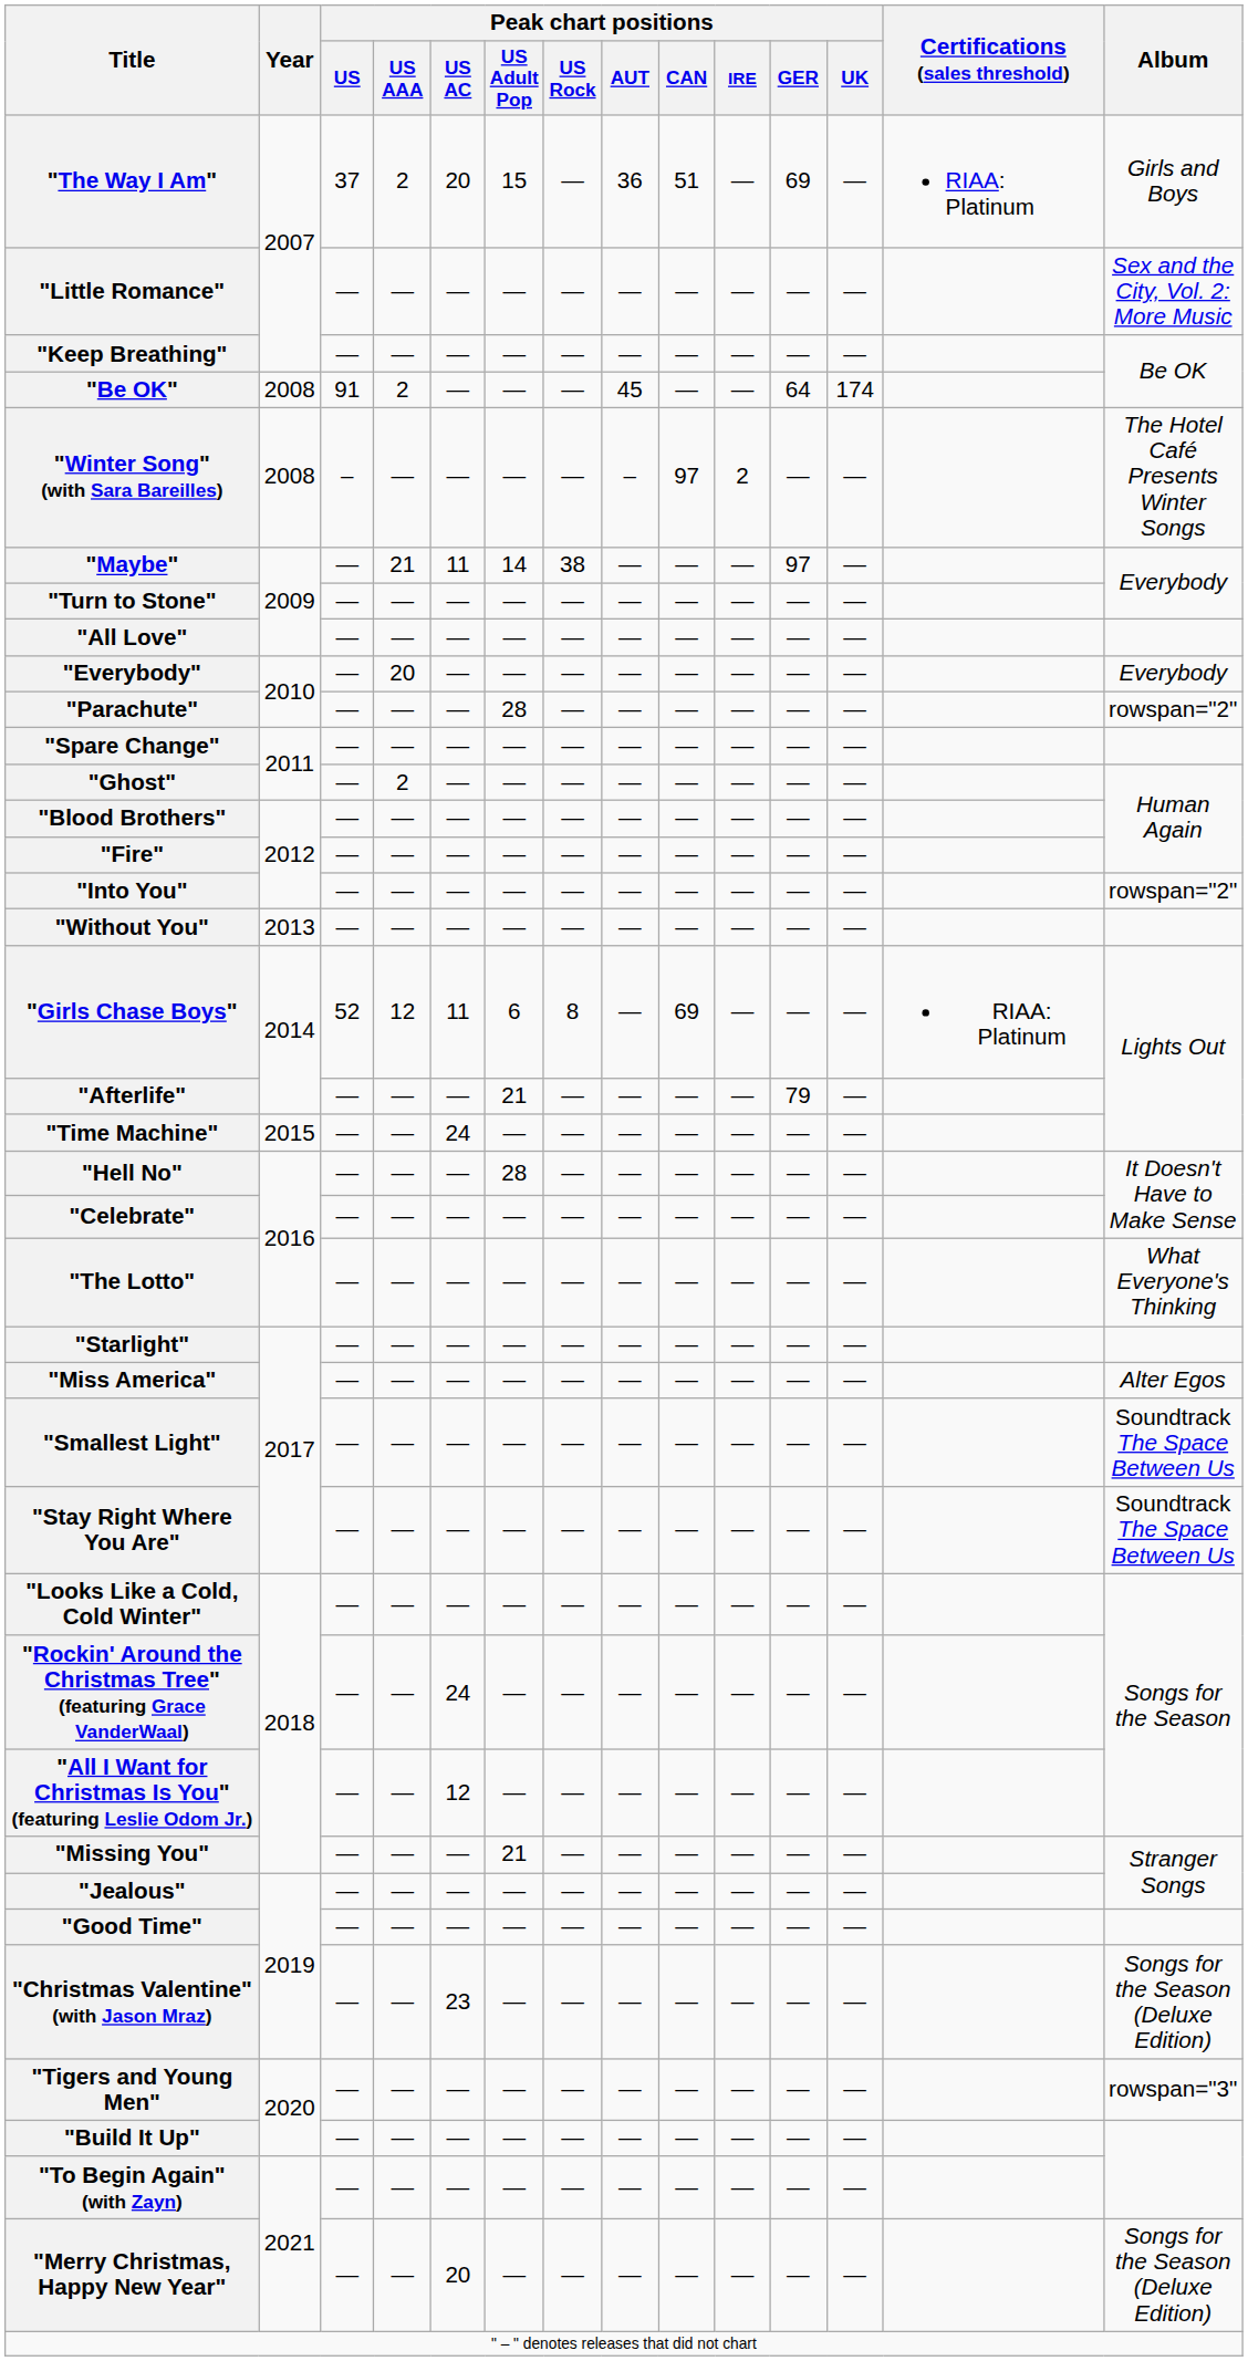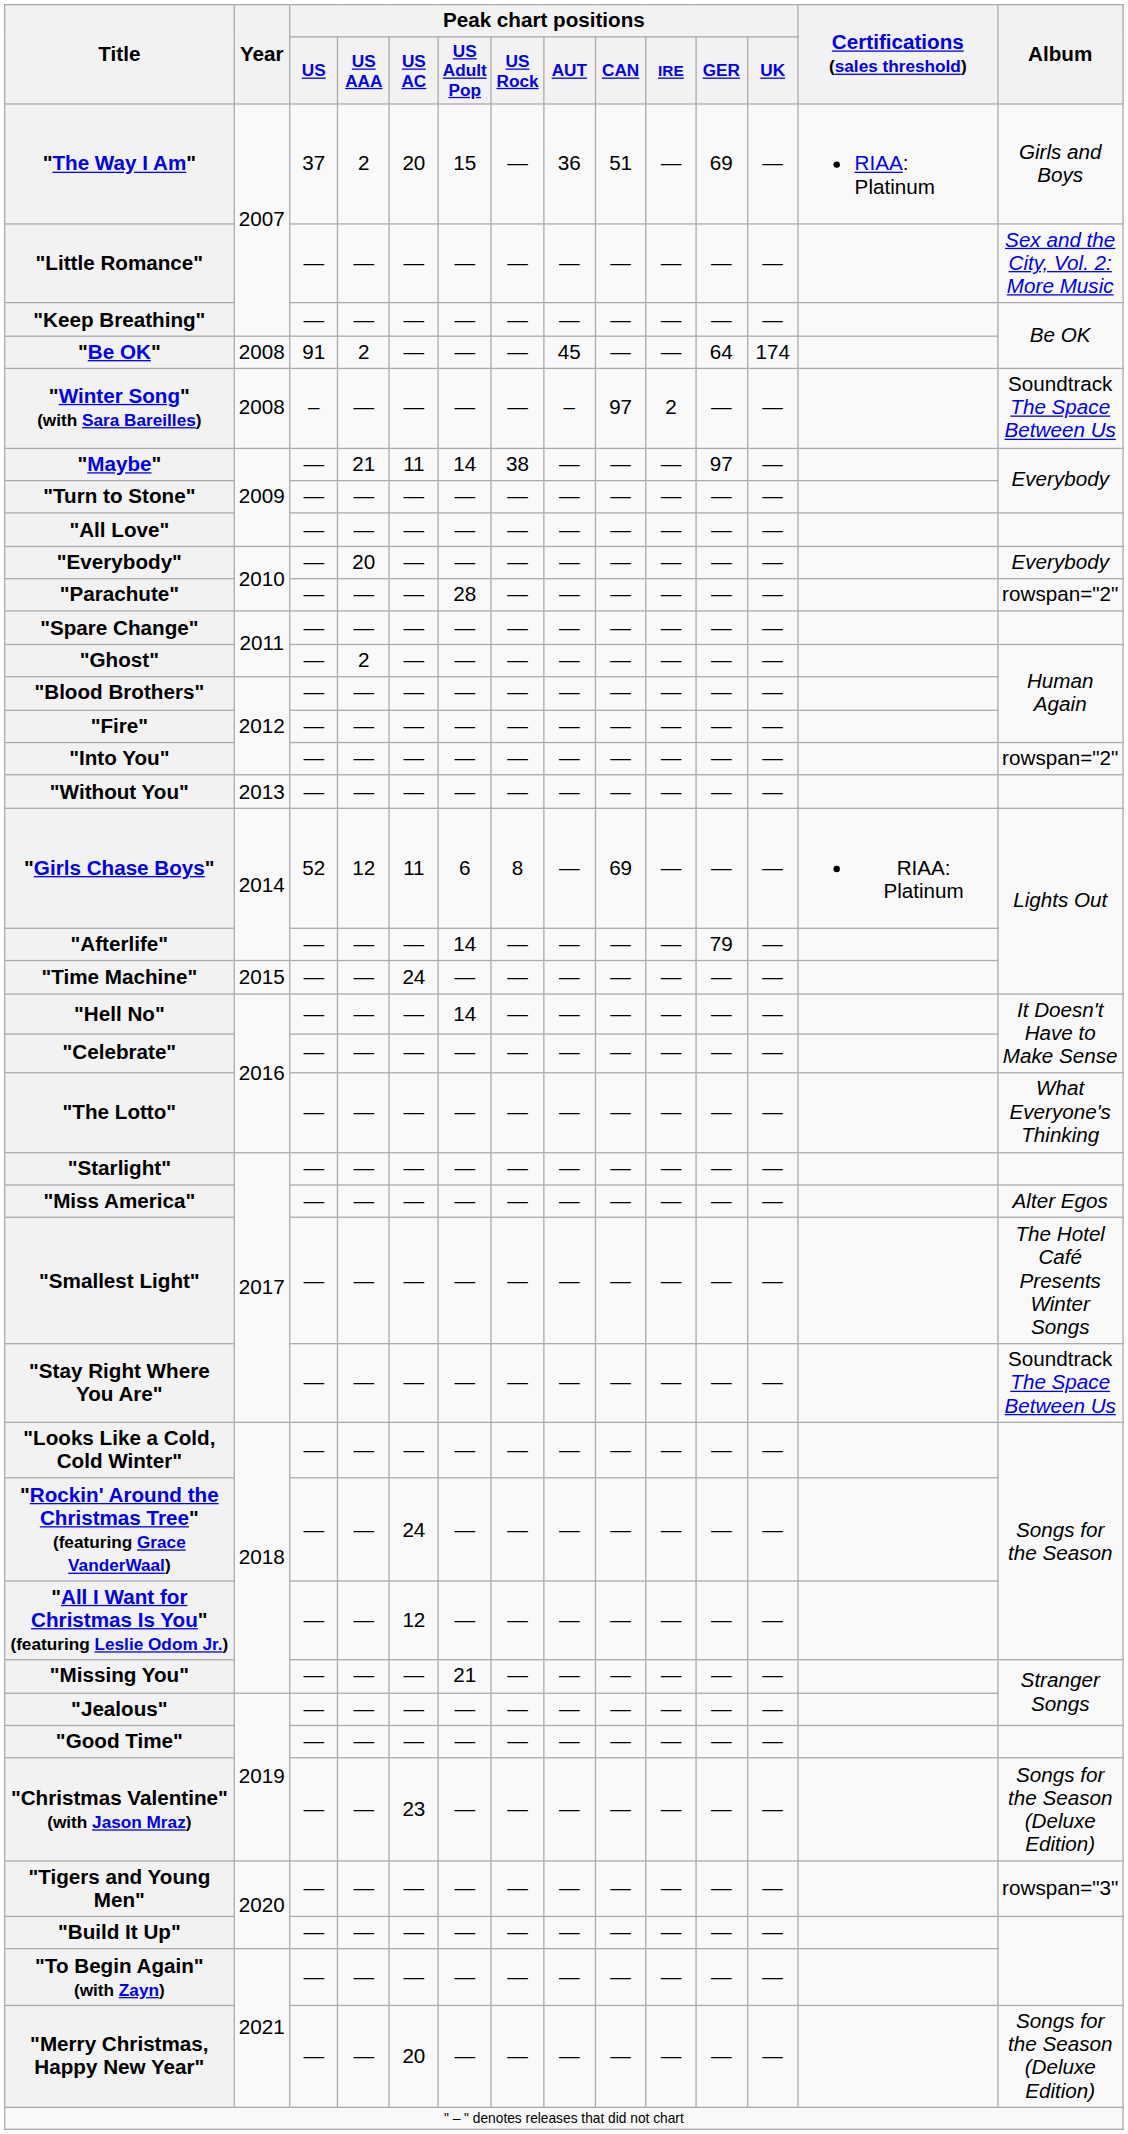 <table class="wikitable plainrowheaders" style="text-align:center;">
 <tr>
 <th rowspan="2" style="width:12em;">Title</th>
 <th rowspan="2">Year</th>
 <th colspan="10">Peak chart positions</th>
 <th rowspan="2" style="width:10em;"><a href='#'>Certifications</a><br><small>(<a href='#'>sales threshold</a>)</small></th>
 <th scope="col" rowspan="2">Album</th>
 </tr>
 <tr style="font-size:smaller;">
 <th style="width:35px;"><a href='#'>US</a><br></th>
 <th style="width:35px;"><a href='#'>US<br>AAA</a><br></th>
 <th style="width:35px;"><a href='#'>US<br>AC</a><br></th>
 <th style="width:35px;"><a href='#'>US<br>Adult Pop</a><br></th>
 <th style="width:35px;"><a href='#'>US<br>Rock</a><br></th>
 <th style="width:35px;"><a href='#'>AUT</a><br></th>
 <th style="width:35px;"><a href='#'>CAN</a><br></th>
 <th width="35px" scope="col" style="width:3em;font-size:90%;"><a href='#'>IRE</a><br></th>
 <th style="width:35px;"><a href='#'>GER</a><br></th>
 <th style="width:35px;"><a href='#'>UK</a><br></th>
 </tr>
 <tr>
 <th scope="row">"<a href='#'>The Way I Am</a>"</th>
 <td rowspan="3">2007</td>
 <td>37</td>
 <td>2</td>
 <td>20</td>
 <td>15</td>
 <td>—</td>
 <td>36</td>
 <td>51</td>
 <td>—</td>
 <td>69</td>
 <td>—</td>
 <td style="text-align:left;"><br><ul><li><a href='#'>RIAA</a>: Platinum</li></ul></td>
 <td><em>Girls and Boys</em></td>
 </tr>
 <tr>
 <th scope="row">"Little Romance"</th>
 <td>—</td>
 <td>—</td>
 <td>—</td>
 <td>—</td>
 <td>—</td>
 <td>—</td>
 <td>—</td>
 <td>—</td>
 <td>—</td>
 <td>—</td>
 <td></td>
 <td><em><a href='#'>Sex and the City, Vol. 2: More Music</a></em></td>
 </tr>
 <tr>
 <th scope="row">"Keep Breathing"</th>
 <td>—</td>
 <td>—</td>
 <td>—</td>
 <td>—</td>
 <td>—</td>
 <td>—</td>
 <td>—</td>
 <td>—</td>
 <td>—</td>
 <td>—</td>
 <td></td>
 <td rowspan="2"><em>Be OK</em></td>
 </tr>
 <tr>
 <th scope="row">"<a href='#'>Be OK</a>"</th>
 <td>2008</td>
 <td>91</td>
 <td>2</td>
 <td>—</td>
 <td>—</td>
 <td>—</td>
 <td>45</td>
 <td>—</td>
 <td>—</td>
 <td>64</td>
 <td>174</td>
 <td></td>
 </tr>
 <tr>
 <th scope="row">"<a href='#'>Winter Song</a>"<br><small>(with <a href='#'>Sara Bareilles</a>)</small></th>
 <td>2008</td>
 <td>–</td>
 <td>—</td>
 <td>—</td>
 <td>—</td>
 <td>—</td>
 <td>–</td>
 <td>97</td>
 <td>2</td>
 <td>—</td>
 <td>—</td>
 <td></td>
-<td><em>The Hotel Café Presents Winter Songs</em></td>
+<td>Soundtrack <em><a href='#'>The Space Between Us</a></em></td>
 </tr>
 <tr>
 <th scope="row">"<a href='#'>Maybe</a>"</th>
 <td rowspan="3">2009</td>
 <td>—</td>
 <td>21</td>
 <td>11</td>
 <td>14</td>
 <td>38</td>
 <td>—</td>
 <td>—</td>
 <td>—</td>
 <td>97</td>
 <td>—</td>
 <td></td>
 <td rowspan="2"><em>Everybody</em></td>
 </tr>
 <tr>
 <th scope="row">"Turn to Stone"</th>
 <td>—</td>
 <td>—</td>
 <td>—</td>
 <td>—</td>
 <td>—</td>
 <td>—</td>
 <td>—</td>
 <td>—</td>
 <td>—</td>
 <td>—</td>
 <td></td>
 </tr>
 <tr>
 <th scope="row">"All Love"</th>
 <td>—</td>
 <td>—</td>
 <td>—</td>
 <td>—</td>
 <td>—</td>
 <td>—</td>
 <td>—</td>
 <td>—</td>
 <td>—</td>
 <td>—</td>
 <td></td>
 <td></td>
 </tr>
 <tr>
 <th scope="row">"Everybody"</th>
 <td rowspan="2">2010</td>
 <td>—</td>
 <td>20</td>
 <td>—</td>
 <td>—</td>
 <td>—</td>
 <td>—</td>
 <td>—</td>
 <td>—</td>
 <td>—</td>
 <td>—</td>
 <td></td>
 <td><em>Everybody</em></td>
 </tr>
 <tr>
 <th scope="row">"Parachute"</th>
 <td>—</td>
 <td>—</td>
 <td>—</td>
 <td>28</td>
 <td>—</td>
 <td>—</td>
 <td>—</td>
 <td>—</td>
 <td>—</td>
 <td>—</td>
 <td></td>
 <td>rowspan="2" </td>
 </tr>
 <tr>
 <th scope="row">"Spare Change"</th>
 <td rowspan="2">2011</td>
 <td>—</td>
 <td>—</td>
 <td>—</td>
 <td>—</td>
 <td>—</td>
 <td>—</td>
 <td>—</td>
 <td>—</td>
 <td>—</td>
 <td>—</td>
 <td></td>
 </tr>
 <tr>
 <th scope="row">"Ghost"</th>
 <td>—</td>
 <td>2</td>
 <td>—</td>
 <td>—</td>
 <td>—</td>
 <td>—</td>
 <td>—</td>
 <td>—</td>
 <td>—</td>
 <td>—</td>
 <td></td>
 <td rowspan="3"><em>Human Again</em></td>
 </tr>
 <tr>
 <th scope="row">"Blood Brothers"</th>
 <td rowspan="3">2012</td>
 <td>—</td>
 <td>—</td>
 <td>—</td>
 <td>—</td>
 <td>—</td>
 <td>—</td>
 <td>—</td>
 <td>—</td>
 <td>—</td>
 <td>—</td>
 <td></td>
 </tr>
 <tr>
 <th scope="row">"Fire"</th>
 <td>—</td>
 <td>—</td>
 <td>—</td>
 <td>—</td>
 <td>—</td>
 <td>—</td>
 <td>—</td>
 <td>—</td>
 <td>—</td>
 <td>—</td>
 <td></td>
 </tr>
 <tr>
 <th scope="row">"Into You"</th>
 <td>—</td>
 <td>—</td>
 <td>—</td>
 <td>—</td>
 <td>—</td>
 <td>—</td>
 <td>—</td>
 <td>—</td>
 <td>—</td>
 <td>—</td>
 <td></td>
 <td>rowspan="2" </td>
 </tr>
 <tr>
 <th scope="row">"Without You"</th>
 <td>2013</td>
 <td>—</td>
 <td>—</td>
 <td>—</td>
 <td>—</td>
 <td>—</td>
 <td>—</td>
 <td>—</td>
 <td>—</td>
 <td>—</td>
 <td>—</td>
 <td></td>
 </tr>
 <tr>
 <th scope="row">"<a href='#'>Girls Chase Boys</a>"</th>
 <td rowspan="2">2014</td>
 <td>52</td>
 <td>12</td>
 <td>11</td>
 <td>6</td>
 <td>8</td>
 <td>—</td>
 <td>69</td>
 <td>—</td>
 <td>—</td>
 <td>—</td>
 <td><br><ul><li>RIAA: Platinum</li></ul></td>
 <td rowspan="3"><em>Lights Out</em></td>
 </tr>
 <tr>
 <th scope="row">"Afterlife"</th>
 <td>—</td>
 <td>—</td>
 <td>—</td>
-<td>21</td>
+<td>14</td>
 <td>—</td>
 <td>—</td>
 <td>—</td>
 <td>—</td>
 <td>79</td>
 <td>—</td>
 <td></td>
 </tr>
 <tr>
 <th scope="row">"Time Machine"</th>
 <td>2015</td>
 <td>—</td>
 <td>—</td>
 <td>24</td>
 <td>—</td>
 <td>—</td>
 <td>—</td>
 <td>—</td>
 <td>—</td>
 <td>—</td>
 <td>—</td>
 <td></td>
 </tr>
 <tr>
 <th scope="row">"Hell No"</th>
 <td rowspan="3">2016</td>
 <td>—</td>
 <td>—</td>
 <td>—</td>
-<td>28</td>
+<td>14</td>
 <td>—</td>
 <td>—</td>
 <td>—</td>
 <td>—</td>
 <td>—</td>
 <td>—</td>
 <td></td>
 <td rowspan="2"><em>It Doesn't Have to Make Sense</em></td>
 </tr>
 <tr>
 <th scope="row">"Celebrate"<br></th>
 <td>—</td>
 <td>—</td>
 <td>—</td>
 <td>—</td>
 <td>—</td>
 <td>—</td>
 <td>—</td>
 <td>—</td>
 <td>—</td>
 <td>—</td>
 <td></td>
 </tr>
 <tr>
 <th scope="row">"The Lotto"<br></th>
 <td>—</td>
 <td>—</td>
 <td>—</td>
 <td>—</td>
 <td>—</td>
 <td>—</td>
 <td>—</td>
 <td>—</td>
 <td>—</td>
 <td>—</td>
 <td></td>
 <td><em>What Everyone's Thinking</em></td>
 </tr>
 <tr>
 <th scope="row">"Starlight"</th>
 <td rowspan="4">2017</td>
 <td>—</td>
 <td>—</td>
 <td>—</td>
 <td>—</td>
 <td>—</td>
 <td>—</td>
 <td>—</td>
 <td>—</td>
 <td>—</td>
 <td>—</td>
 <td></td>
 <td></td>
 </tr>
 <tr>
 <th scope="row">"Miss America"<br></th>
 <td>—</td>
 <td>—</td>
 <td>—</td>
 <td>—</td>
 <td>—</td>
 <td>—</td>
 <td>—</td>
 <td>—</td>
 <td>—</td>
 <td>—</td>
 <td></td>
 <td><em>Alter Egos</em></td>
 </tr>
 <tr>
 <th scope="row">"Smallest Light"</th>
 <td>—</td>
 <td>—</td>
 <td>—</td>
 <td>—</td>
 <td>—</td>
 <td>—</td>
 <td>—</td>
 <td>—</td>
 <td>—</td>
 <td>—</td>
 <td></td>
-<td>Soundtrack <em><a href='#'>The Space Between Us</a></em></td>
+<td><em>The Hotel Café Presents Winter Songs</em></td>
 </tr>
 <tr>
 <th scope="row">"Stay Right Where You Are"</th>
 <td>—</td>
 <td>—</td>
 <td>—</td>
 <td>—</td>
 <td>—</td>
 <td>—</td>
 <td>—</td>
 <td>—</td>
 <td>—</td>
 <td>—</td>
 <td></td>
 <td>Soundtrack <em><a href='#'>The Space Between Us</a></em></td>
 </tr>
 <tr>
 <th scope="row">"Looks Like a Cold, Cold Winter"</th>
 <td rowspan="4">2018</td>
 <td>—</td>
 <td>—</td>
 <td>—</td>
 <td>—</td>
 <td>—</td>
 <td>—</td>
 <td>—</td>
 <td>—</td>
 <td>—</td>
 <td>—</td>
 <td></td>
 <td rowspan="3"><em>Songs for the Season</em></td>
 </tr>
 <tr>
 <th scope="row">"<a href='#'>Rockin' Around the Christmas Tree</a>"<br><small>(featuring <a href='#'>Grace VanderWaal</a>)</small></th>
 <td>—</td>
 <td>—</td>
 <td>24</td>
 <td>—</td>
 <td>—</td>
 <td>—</td>
 <td>—</td>
 <td>—</td>
 <td>—</td>
 <td>—</td>
 <td></td>
 </tr>
 <tr>
 <th scope="row">"<a href='#'>All I Want for Christmas Is You</a>"<br><small>(featuring <a href='#'>Leslie Odom Jr.</a>)</small></th>
 <td>—</td>
 <td>—</td>
 <td>12</td>
 <td>—</td>
 <td>—</td>
 <td>—</td>
 <td>—</td>
 <td>—</td>
 <td>—</td>
 <td>—</td>
 <td></td>
 </tr>
 <tr>
 <th scope="row">"Missing You"</th>
 <td>—</td>
 <td>—</td>
 <td>—</td>
 <td>21</td>
 <td>—</td>
 <td>—</td>
 <td>—</td>
 <td>—</td>
 <td>—</td>
 <td>—</td>
 <td></td>
 <td rowspan=2><em>Stranger Songs</em></td>
 </tr>
 <tr>
 <th scope="row">"Jealous"</th>
 <td rowspan=3>2019</td>
 <td>—</td>
 <td>—</td>
 <td>—</td>
 <td>—</td>
 <td>—</td>
 <td>—</td>
 <td>—</td>
 <td>—</td>
 <td>—</td>
 <td>—</td>
 <td></td>
 </tr>
 <tr>
 <th scope="row">"Good Time"</th>
 <td>—</td>
 <td>—</td>
 <td>—</td>
 <td>—</td>
 <td>—</td>
 <td>—</td>
 <td>—</td>
 <td>—</td>
 <td>—</td>
 <td>—</td>
 <td></td>
 <td></td>
 </tr>
 <tr>
 <th scope="row">"Christmas Valentine"<br><small>(with <a href='#'>Jason Mraz</a>)</small></th>
 <td>—</td>
 <td>—</td>
 <td>23</td>
 <td>—</td>
 <td>—</td>
 <td>—</td>
 <td>—</td>
 <td>—</td>
 <td>—</td>
 <td>—</td>
 <td></td>
 <td><em>Songs for the Season (Deluxe Edition)</em></td>
 </tr>
 <tr>
 <th scope="row">"Tigers and Young Men"</th>
 <td rowspan="2">2020</td>
 <td>—</td>
 <td>—</td>
 <td>—</td>
 <td>—</td>
 <td>—</td>
 <td>—</td>
 <td>—</td>
 <td>—</td>
 <td>—</td>
 <td>—</td>
 <td></td>
 <td>rowspan="3" </td>
 </tr>
 <tr>
 <th scope="row">"Build It Up"</th>
 <td>—</td>
 <td>—</td>
 <td>—</td>
 <td>—</td>
 <td>—</td>
 <td>—</td>
 <td>—</td>
 <td>—</td>
 <td>—</td>
 <td>—</td>
 <td></td>
 </tr>
 <tr>
 <th scope="row">"To Begin Again"<br><small>(with <a href='#'>Zayn</a>)</small></th>
 <td rowspan="2">2021</td>
 <td>—</td>
 <td>—</td>
 <td>—</td>
 <td>—</td>
 <td>—</td>
 <td>—</td>
 <td>—</td>
 <td>—</td>
 <td>—</td>
 <td>—</td>
 <td></td>
 </tr>
 <tr>
 <th scope="row">"Merry Christmas, Happy New Year"</th>
 <td>—</td>
 <td>—</td>
 <td>20</td>
 <td>—</td>
 <td>—</td>
 <td>—</td>
 <td>—</td>
 <td>—</td>
 <td>—</td>
 <td>—</td>
 <td></td>
 <td><em>Songs for the Season (Deluxe Edition)</em></td>
 </tr>
 <tr>
 <td colspan="15" style="font-size:8pt">" – " denotes releases that did not chart</td>
 </tr>
 </table>
